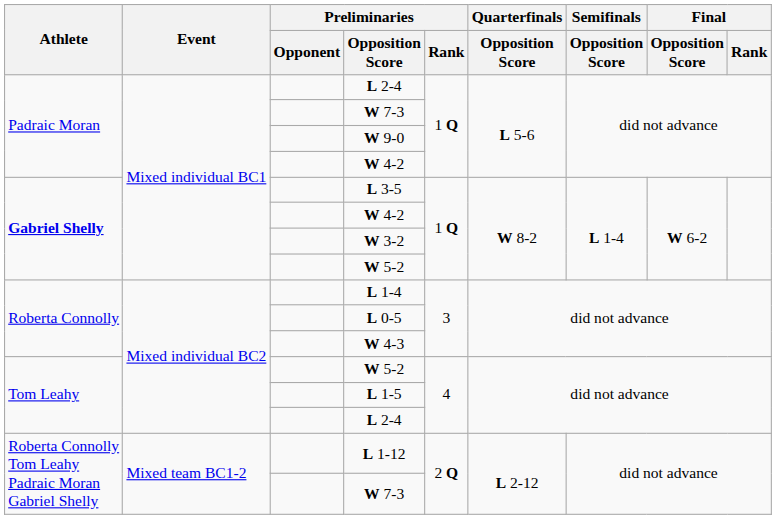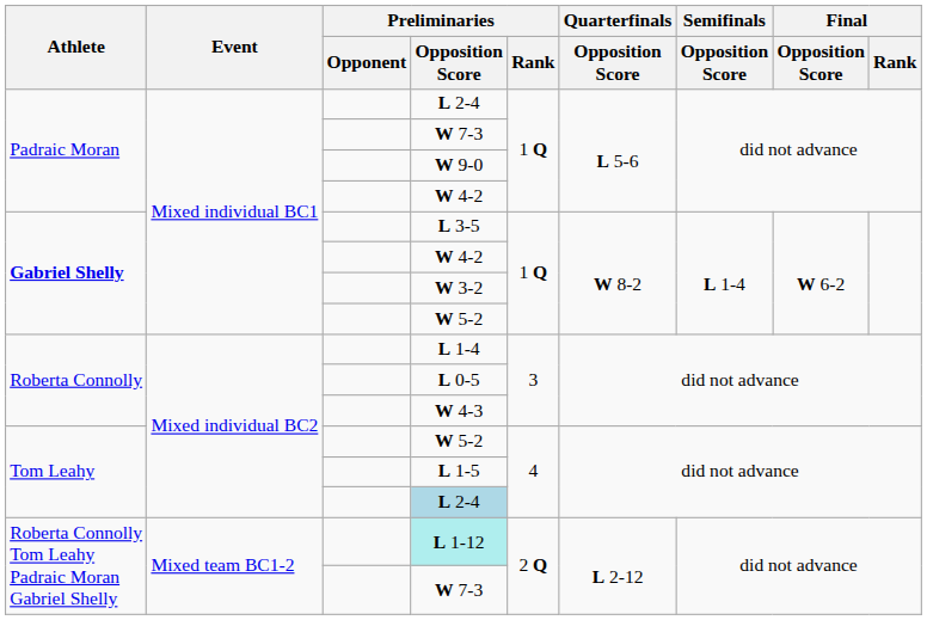 <table class=wikitable style="font-size:90%">
 <tr>
 <th rowspan="2">Athlete</th>
 <th rowspan="2">Event</th>
 <th colspan="3">Preliminaries</th>
 <th>Quarterfinals</th>
 <th>Semifinals</th>
 <th colspan="2">Final</th>
 </tr>
 <tr>
 <th>Opponent</th>
 <th>Opposition<br>Score</th>
 <th>Rank</th>
 <th>Opposition<br>Score</th>
 <th>Opposition<br>Score</th>
 <th>Opposition<br>Score</th>
 <th>Rank</th>
 </tr>
 <tr>
 <td rowspan="4"><a href='#'>Padraic Moran</a></td>
 <td rowspan="8"><a href='#'>Mixed individual BC1</a></td>
 <td align="left"></td>
 <td align="center"><strong>L</strong> 2-4</td>
 <td align="center" rowspan="4">1 <strong>Q</strong></td>
 <td align="center" rowspan="4"><br><strong>L</strong> 5-6</td>
 <td align="center" rowspan="4" colspan="3">did not advance</td>
 </tr>
 <tr>
 <td align="left"></td>
 <td align="center"><strong>W</strong> 7-3</td>
 </tr>
 <tr>
 <td align="left"></td>
 <td align="center"><strong>W</strong> 9-0</td>
 </tr>
 <tr>
 <td align="left"></td>
 <td align="center"><strong>W</strong> 4-2</td>
 </tr>
 <tr>
 <td rowspan="4"><strong><a href='#'>Gabriel Shelly</a></strong></td>
 <td align="left"></td>
 <td align="center"><strong>L</strong> 3-5</td>
 <td align="center" rowspan="4">1 <strong>Q</strong></td>
 <td align="center" rowspan="4"><br><strong>W</strong> 8-2</td>
 <td align="center" rowspan="4"><br><strong>L</strong> 1-4</td>
 <td align="center" rowspan="4"><br><strong>W</strong> 6-2</td>
 <td align="center" rowspan="4"></td>
 </tr>
 <tr>
 <td align="left"></td>
 <td align="center"><strong>W</strong> 4-2</td>
 </tr>
 <tr>
 <td align="left"></td>
 <td align="center"><strong>W</strong> 3-2</td>
 </tr>
 <tr>
 <td align="left"></td>
 <td align="center"><strong>W</strong> 5-2</td>
 </tr>
 <tr>
 <td rowspan="3"><a href='#'>Roberta Connolly</a></td>
 <td rowspan="6"><a href='#'>Mixed individual BC2</a></td>
 <td align="left"></td>
 <td align="center"><strong>L</strong> 1-4</td>
 <td align="center" rowspan="3">3</td>
 <td align="center" rowspan="3" colspan="4">did not advance</td>
 </tr>
 <tr>
 <td align="left"></td>
 <td align="center"><strong>L</strong> 0-5</td>
 </tr>
 <tr>
 <td align="left"></td>
 <td align="center"><strong>W</strong> 4-3</td>
 </tr>
 <tr>
 <td rowspan="3"><a href='#'>Tom Leahy</a></td>
 <td align="left"></td>
 <td align="center"><strong>W</strong> 5-2</td>
 <td align="center" rowspan="3">4</td>
 <td align="center" rowspan="3" colspan="4">did not advance</td>
 </tr>
 <tr>
 <td align="left"></td>
 <td align="center"><strong>L</strong> 1-5</td>
 </tr>
 <tr>
 <td align="left"></td>
-<td align="center"><strong>L</strong> 2-4</td>
+<td align="center" style="background: lightblue;"><strong>L</strong> 2-4</td>
 </tr>
 <tr>
 <td rowspan="2"><a href='#'>Roberta Connolly</a><br> <a href='#'>Tom Leahy</a><br> <a href='#'>Padraic Moran</a><br> <a href='#'>Gabriel Shelly</a></td>
 <td rowspan="2"><a href='#'>Mixed team BC1-2</a></td>
 <td align="left"></td>
-<td align="center"><strong>L</strong> 1-12</td>
+<td align="center" style="background: paleturquoise;"><strong>L</strong> 1-12</td>
 <td align="center" rowspan="2">2 <strong>Q</strong></td>
 <td align="center" rowspan="2"><br><strong>L</strong> 2-12</td>
 <td align="center" rowspan="2" colspan="3">did not advance</td>
 </tr>
 <tr>
 <td align="left"></td>
 <td align="center"><strong>W</strong> 7-3</td>
 </tr>
 </table>
